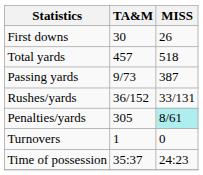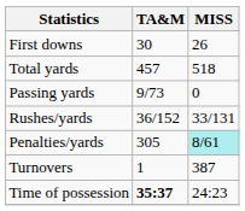 <table class="wikitable" style="float: left;">
 <tr>
 <th>Statistics</th>
 <th>TA&M</th>
 <th>MISS</th>
 </tr>
 <tr>
 <td>First downs</td>
 <td>30</td>
 <td>26</td>
 </tr>
 <tr>
 <td>Total yards</td>
 <td>457</td>
 <td>518</td>
 </tr>
 <tr>
 <td>Passing yards</td>
 <td>9/73</td>
-<td>387</td>
+<td>0</td>
 </tr>
 <tr>
 <td>Rushes/yards</td>
 <td>36/152</td>
 <td>33/131</td>
 </tr>
 <tr>
 <td>Penalties/yards</td>
 <td>305</td>
 <td style="background: paleturquoise;">8/61</td>
 </tr>
 <tr>
 <td>Turnovers</td>
 <td>1</td>
-<td>0</td>
+<td>387</td>
 </tr>
 <tr>
 <td>Time of possession</td>
-<td>35:37</td>
+<td><strong>35:37</strong></td>
 <td>24:23</td>
 </tr>
 <tr>
 </tr>
 </table>
